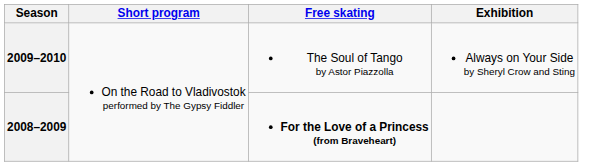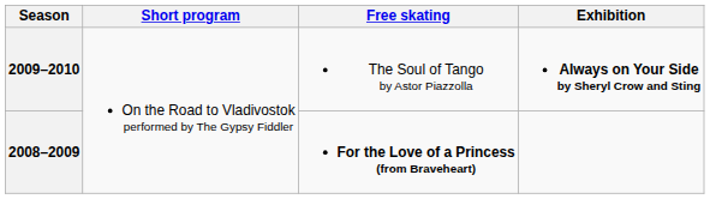 <table class=wikitable style=text-align:center>
 <tr>
 <th>Season</th>
 <th><a href='#'>Short program</a></th>
 <th><a href='#'>Free skating</a></th>
 <th>Exhibition</th>
 </tr>
 <tr>
 <th>2009–2010 <br> </th>
 <td rowspan=2><br><ul><li>On the Road to Vladivostok <br><small> performed by The Gypsy Fiddler </small></li></ul></td>
 <td><br><ul><li>The Soul of Tango <br><small> by Astor Piazzolla </small></li></ul></td>
-<td><br><ul><li>Always on Your Side <br><small> by Sheryl Crow and Sting </small></li></ul></td>
+<td><strong><br><ul><li>Always on Your Side <br><small> by Sheryl Crow and Sting </small></li></ul></strong></td>
 </tr>
 <tr>
 <th>2008–2009 <br> </th>
 <td><strong><br><ul><li>For the Love of a Princess <br><small> (from Braveheart) </small></li></ul></strong></td>
 <td></td>
 </tr>
 </table>
